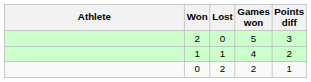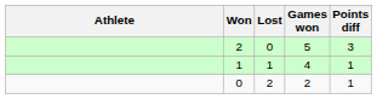 <table class="wikitable">
 <tr>
 <th style="width:18em">Athlete</th>
 <th>Won</th>
 <th>Lost</th>
 <th>Games<br>won</th>
 <th>Points<br>diff</th>
 </tr>
 <tr bgcolor="#ccffcc">
 <td></td>
 <td align="center">2</td>
 <td align="center">0</td>
 <td align="center">5</td>
 <td align="center">3</td>
 </tr>
 <tr bgcolor="#ccffcc">
 <td></td>
 <td align="center">1</td>
 <td align="center">1</td>
 <td align="center">4</td>
-<td align="center">2</td>
+<td align="center">1</td>
 </tr>
 <tr>
 <td></td>
 <td align="center">0</td>
 <td align="center">2</td>
 <td align="center">2</td>
 <td align="center">1</td>
 </tr>
 </table>
